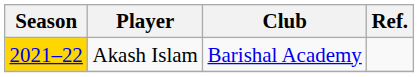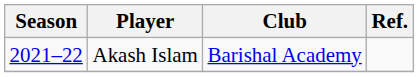 <table class="wikitable">
 <tr>
 <th>Season</th>
 <th>Player</th>
 <th>Club</th>
 <th>Ref.</th>
 </tr>
 <tr>
-<td style="background: gold;"><a href='#'>2021–22</a></td>
+<td><a href='#'>2021–22</a></td>
 <td>Akash Islam</td>
 <td><a href='#'>Barishal Academy</a></td>
 <td></td>
 </tr>
 <tr>
 </tr>
 </table>
